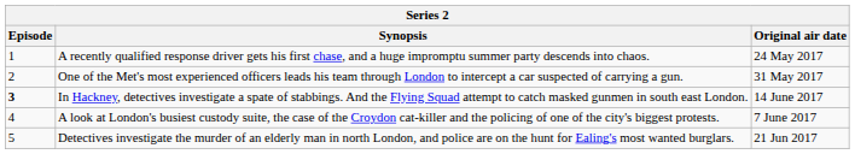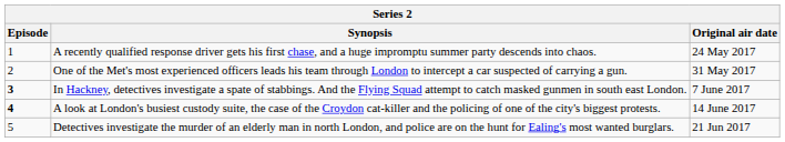 <table class="wikitable">
 <tr>
 <th colspan="3">Series 2</th>
 </tr>
 <tr>
 <th>Episode</th>
 <th>Synopsis</th>
 <th>Original air date</th>
 </tr>
 <tr>
 <td>1</td>
 <td>A recently qualified response driver gets his first <a href='#'>chase</a>, and a huge impromptu summer party descends into chaos.</td>
 <td>24 May 2017</td>
 </tr>
 <tr>
 <td>2</td>
 <td>One of the Met's most experienced officers leads his team through <a href='#'>London</a> to intercept a car suspected of carrying a gun.</td>
 <td>31 May 2017</td>
 </tr>
 <tr>
 <td><strong>3</strong></td>
 <td>In <a href='#'>Hackney</a>, detectives investigate a spate of stabbings. And the <a href='#'>Flying Squad</a> attempt to catch masked gunmen in south east London.</td>
-<td>14 June 2017</td>
+<td>7 June 2017</td>
 </tr>
 <tr>
-<td>4</td>
+<td><strong>4</strong></td>
 <td>A look at London's busiest custody suite, the case of the <a href='#'>Croydon</a> cat-killer and the policing of one of the city's biggest protests.</td>
-<td>7 June 2017</td>
+<td>14 June 2017</td>
 </tr>
 <tr>
 <td>5</td>
 <td>Detectives investigate the murder of an elderly man in north London, and police are on the hunt for <a href='#'>Ealing's</a> most wanted burglars.</td>
 <td>21 Jun 2017</td>
 </tr>
 </table>
